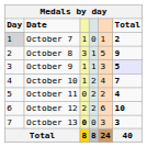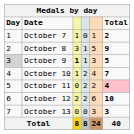 <table class=wikitable style="font-size:95%;">
 <tr>
 <th colspan=7><strong>Medals by day</strong></th>
 </tr>
 <tr>
 <td><strong>Day</strong></td>
 <td><strong>Date</strong></td>
 <td bgcolor=F7F6A8></td>
 <td bgcolor=DCE5E5></td>
 <td bgcolor=FFDAB9></td>
 <td><strong>Total</strong></td>
 </tr>
 <tr>
-<td style="background: lightgrey;">1</td>
+<td>1</td>
 <td>October 7</td>
 <td bgcolor=F7F6A8>1</td>
 <td bgcolor=DCE5E5>0</td>
 <td bgcolor=FFDAB9>1</td>
 <td><strong>2</strong></td>
 </tr>
 <tr>
 <td>2</td>
 <td>October 8</td>
 <td bgcolor=F7F6A8>3</td>
 <td bgcolor=DCE5E5>1</td>
 <td bgcolor=FFDAB9>5</td>
 <td><strong>9</strong></td>
 </tr>
 <tr>
-<td>3</td>
+<td style="background: lightgrey;">3</td>
 <td>October 9</td>
-<td bgcolor=F7F6A8>1</td>
+<td bgcolor=F7F6A8><strong>1</strong></td>
 <td bgcolor=DCE5E5>1</td>
 <td bgcolor=FFDAB9>3</td>
-<td style="background: lavender;"><strong>5</strong></td>
+<td><strong>5</strong></td>
 </tr>
 <tr>
 <td>4</td>
 <td>October 10</td>
 <td bgcolor=F7F6A8>1</td>
 <td bgcolor=DCE5E5>2</td>
 <td bgcolor=FFDAB9>4</td>
 <td><strong>7</strong></td>
 </tr>
 <tr>
 <td>5</td>
 <td>October 11</td>
 <td bgcolor=F7F6A8>0</td>
 <td bgcolor=DCE5E5>2</td>
 <td bgcolor=FFDAB9>2</td>
-<td><strong>4</strong></td>
+<td style="background: pink;"><strong>4</strong></td>
 </tr>
 <tr>
 <td>6</td>
 <td>October 12</td>
 <td bgcolor=F7F6A8>2</td>
 <td bgcolor=DCE5E5>2</td>
 <td bgcolor=FFDAB9>6</td>
 <td><strong>10</strong></td>
 </tr>
 <tr>
 <td>7</td>
 <td>October 13</td>
-<td bgcolor=F7F6A8><strong>0</strong></td>
+<td bgcolor=F7F6A8>0</td>
 <td bgcolor=DCE5E5>0</td>
 <td bgcolor=FFDAB9>3</td>
 <td><strong>3</strong></td>
 </tr>
 <tr>
 <th colspan=2>Total</th>
 <th style="background:gold;">8</th>
 <th style="background:silver;">8</th>
 <th style="background:#c96;">24</th>
 <th>40</th>
 </tr>
 </table>
